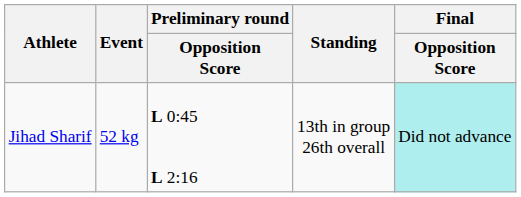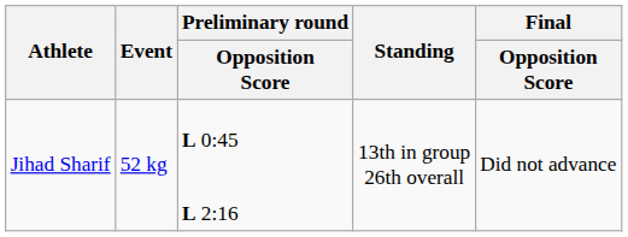 <table class=wikitable style="font-size:90%">
 <tr>
 <th rowspan="2">Athlete</th>
 <th rowspan="2">Event</th>
 <th>Preliminary round</th>
 <th rowspan="2">Standing</th>
 <th>Final</th>
 </tr>
 <tr>
 <th>Opposition <br>Score</th>
 <th>Opposition <br>Score</th>
 </tr>
 <tr>
 <td><a href='#'>Jihad Sharif</a><br></td>
 <td><a href='#'>52 kg</a></td>
 <td><br><strong>L</strong> 0:45<br><br><br><strong>L</strong> 2:16</td>
 <td align=center>13th in group<br>26th overall</td>
-<td align=center style="background: paleturquoise;">Did not advance</td>
+<td align=center>Did not advance</td>
 </tr>
 </table>
